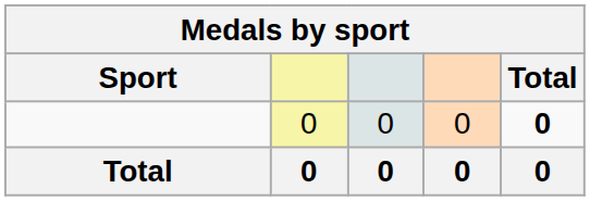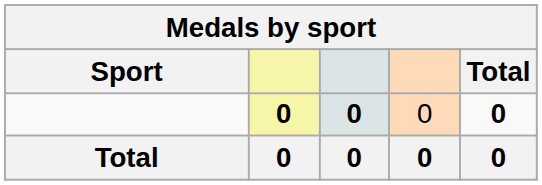 <table class="wikitable" style="font-size:90%; text-align:center;">
 <tr>
 <th colspan=5>Medals by sport</th>
 </tr>
 <tr>
 <th width=120>Sport</th>
 <th scope="col" width=30 style="background:#F7F6A8;"></th>
 <th scope="col" width=30 style="background:#DCE5E5;"></th>
 <th scope="col" width=30 style="background:#FFDAB9;"></th>
 <th width=30>Total</th>
 </tr>
 <tr>
 <td align=left></td>
-<td style="background:#F7F6A8;">0</td>
-<td style="background:#DCE5E5;">0</td>
+<td style="background:#F7F6A8;"><strong>0</strong></td>
+<td style="background:#DCE5E5;"><strong>0</strong></td>
 <td style="background:#FFDAB9;">0</td>
 <td><strong>0</strong></td>
 </tr>
 <tr class="sortbottom">
 <th>Total</th>
 <th>0</th>
 <th>0</th>
 <th>0</th>
 <th>0</th>
 </tr>
 </table>
